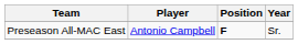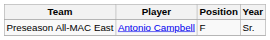 <table class="wikitable" border="1">
 <tr align=center>
 <th style= >Team</th>
 <th style= >Player</th>
 <th style= >Position</th>
 <th style= >Year</th>
 </tr>
 <tr align="center">
 </tr>
 <tr>
 <td>Preseason All-MAC East</td>
 <td><a href='#'>Antonio Campbell</a></td>
-<td><strong>F</strong></td>
+<td>F</td>
 <td>Sr.</td>
 </tr>
 <tr>
 </tr>
 </table>
